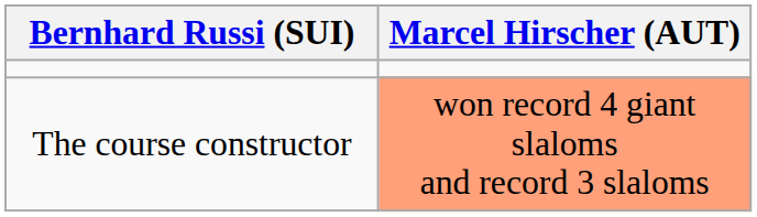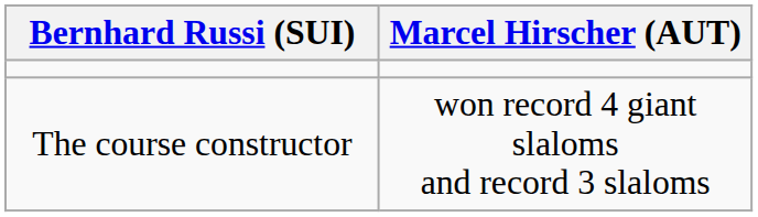 <table class="wikitable" style="text-align:center; width:55%; border:1px #AAAAFF solid">
 <tr>
 <th><a href='#'>Bernhard Russi</a> (SUI)</th>
 <th><a href='#'>Marcel Hirscher</a> (AUT)</th>
 </tr>
 <tr>
 <td width=165></td>
 <td width=165></td>
 </tr>
 <tr>
 <td>The course constructor</td>
-<td style="background: lightsalmon;">won record 4 giant slaloms<br>and record 3 slaloms</td>
+<td>won record 4 giant slaloms<br>and record 3 slaloms</td>
 </tr>
 </table>
